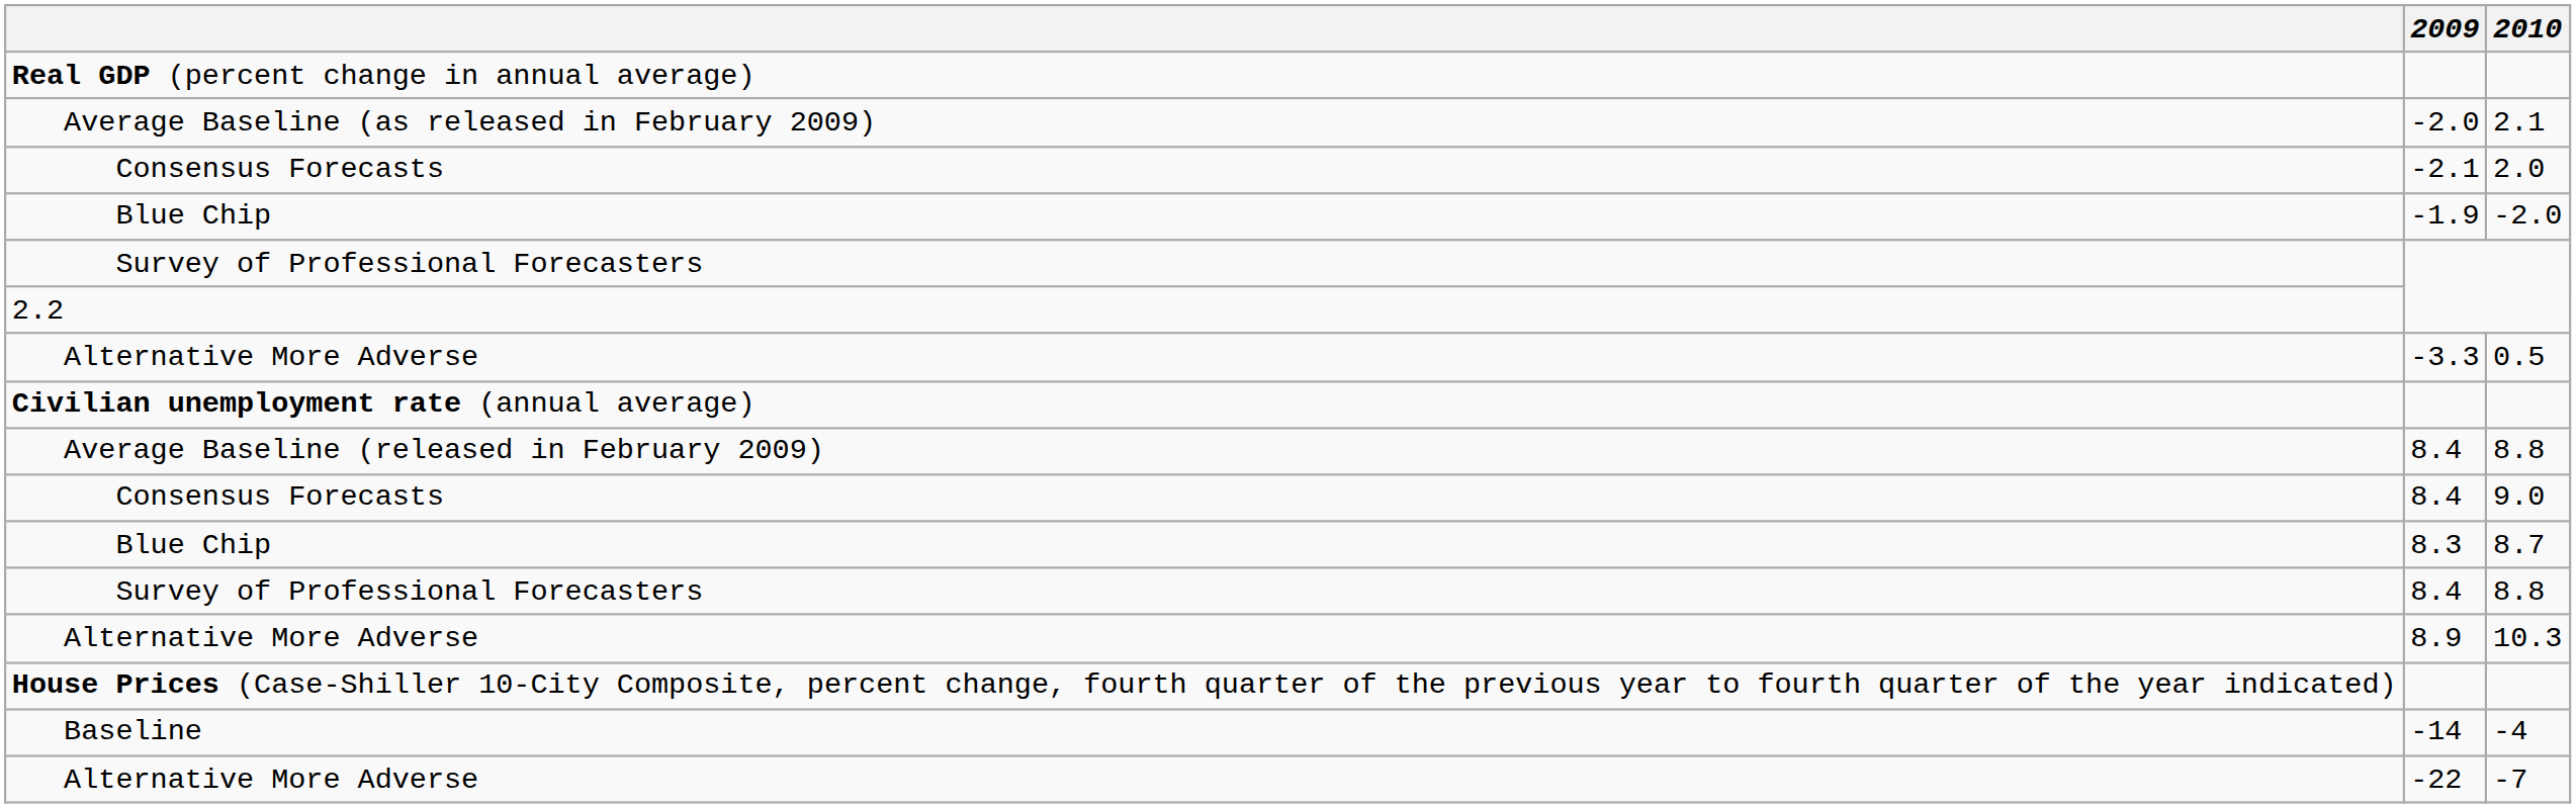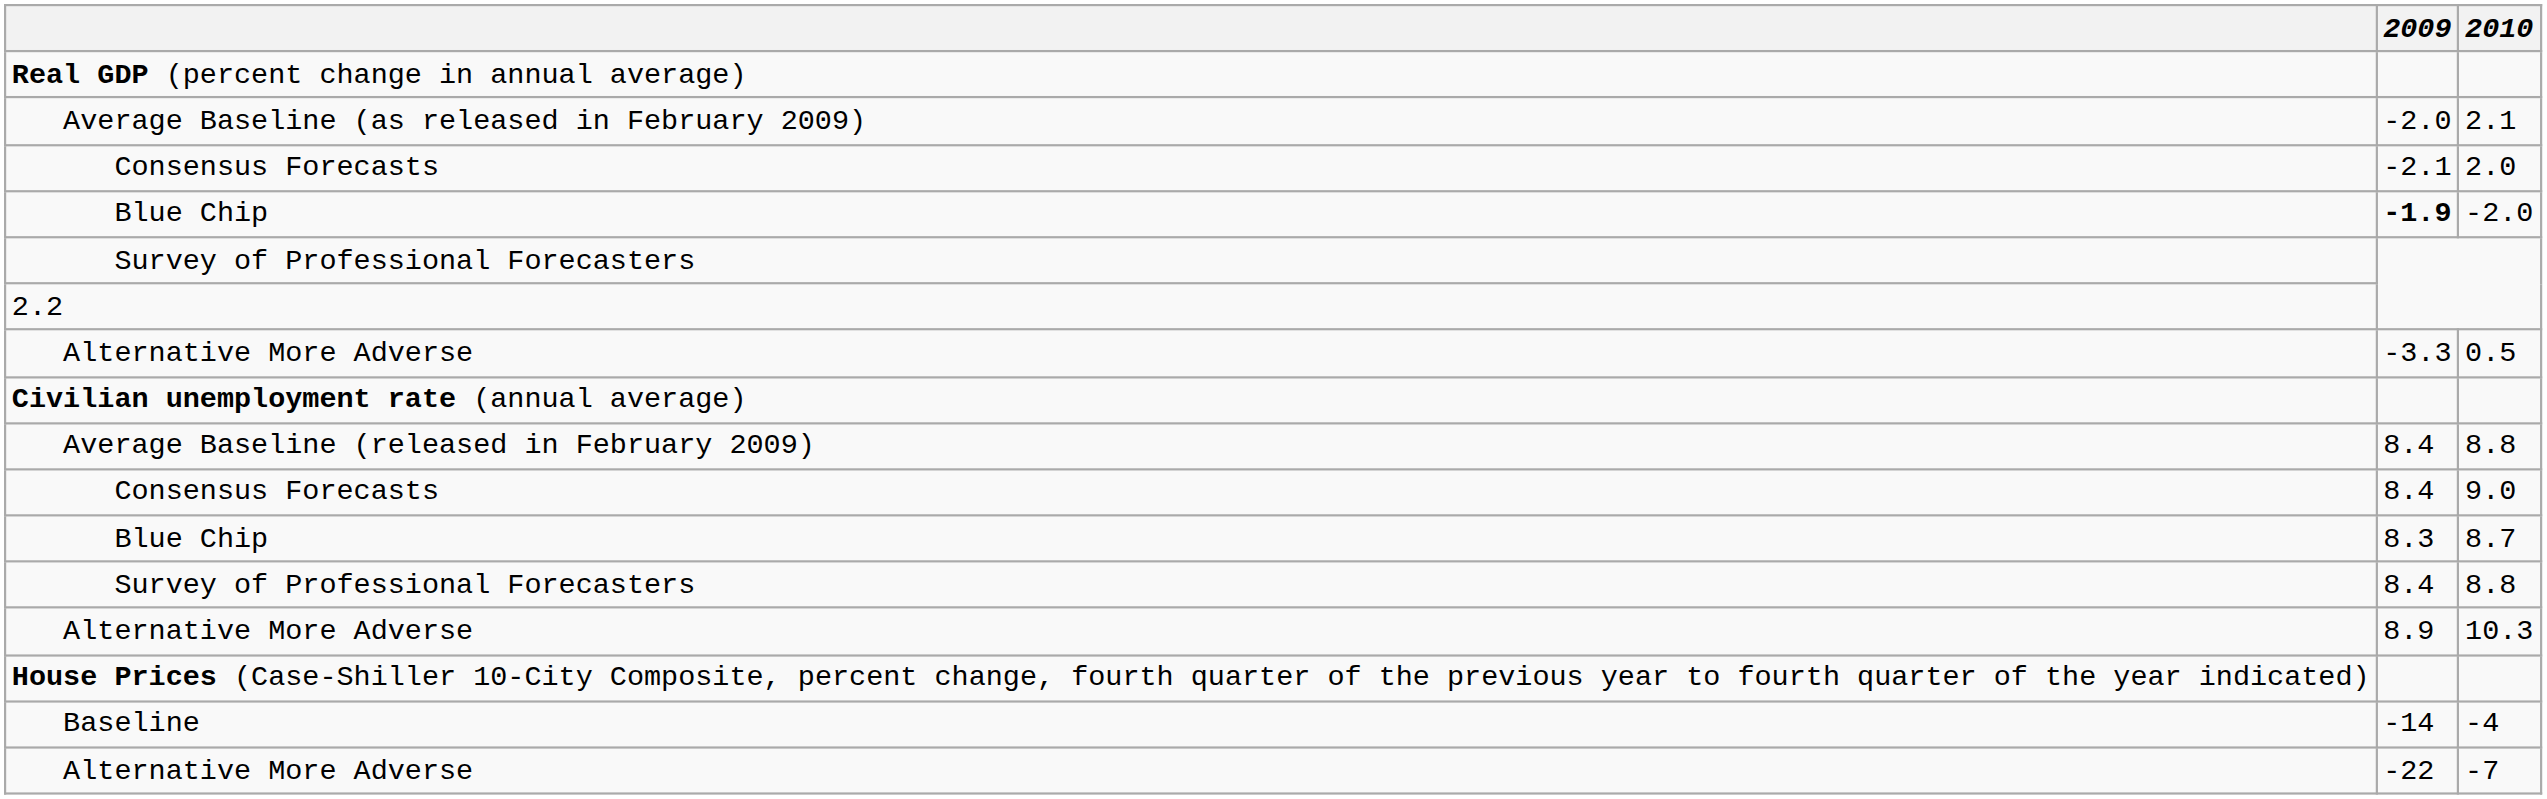 <table class="wikitable">
 <tr>
 <th></th>
 <th><em>2009</em></th>
 <th><em>2010</em></th>
 </tr>
 <tr>
 <td><strong>Real GDP</strong> (percent change in annual average)</td>
 <td></td>
 <td></td>
 </tr>
 <tr>
 <td>   Average Baseline (as released in February 2009)</td>
 <td>-2.0</td>
 <td>2.1</td>
 </tr>
 <tr>
 <td>      Consensus Forecasts</td>
 <td>-2.1</td>
 <td>2.0</td>
 </tr>
 <tr>
 <td>      Blue Chip</td>
-<td>-1.9</td>
+<td><strong>-1.9</strong></td>
 <td>-2.0</td>
 </tr>
 <tr>
 <td>      Survey of Professional Forecasters</td>
 </tr>
 <tr 2.0>
 <td>2.2</td>
 </tr>
 <tr>
 <td>   Alternative More Adverse</td>
 <td>-3.3</td>
 <td>0.5</td>
 </tr>
 <tr>
 <td><strong>Civilian unemployment rate</strong> (annual average)</td>
 <td></td>
 <td></td>
 </tr>
 <tr>
 <td>   Average Baseline (released in February 2009)</td>
 <td>8.4</td>
 <td>8.8</td>
 </tr>
 <tr>
 <td>      Consensus Forecasts</td>
 <td>8.4</td>
 <td>9.0</td>
 </tr>
 <tr>
 <td>      Blue Chip</td>
 <td>8.3</td>
 <td>8.7</td>
 </tr>
 <tr>
 <td>      Survey of Professional Forecasters</td>
 <td>8.4</td>
 <td>8.8</td>
 </tr>
 <tr>
 <td>   Alternative More Adverse</td>
 <td>8.9</td>
 <td>10.3</td>
 </tr>
 <tr>
 <td><strong>House Prices</strong> (Case-Shiller 10-City Composite, percent change, fourth quarter of the previous year to fourth quarter of the year indicated)</td>
 <td></td>
 <td></td>
 </tr>
 <tr>
 <td>   Baseline</td>
 <td>-14</td>
 <td>-4</td>
 </tr>
 <tr>
 <td>   Alternative More Adverse</td>
 <td>-22</td>
 <td>-7</td>
 </tr>
 </table>
